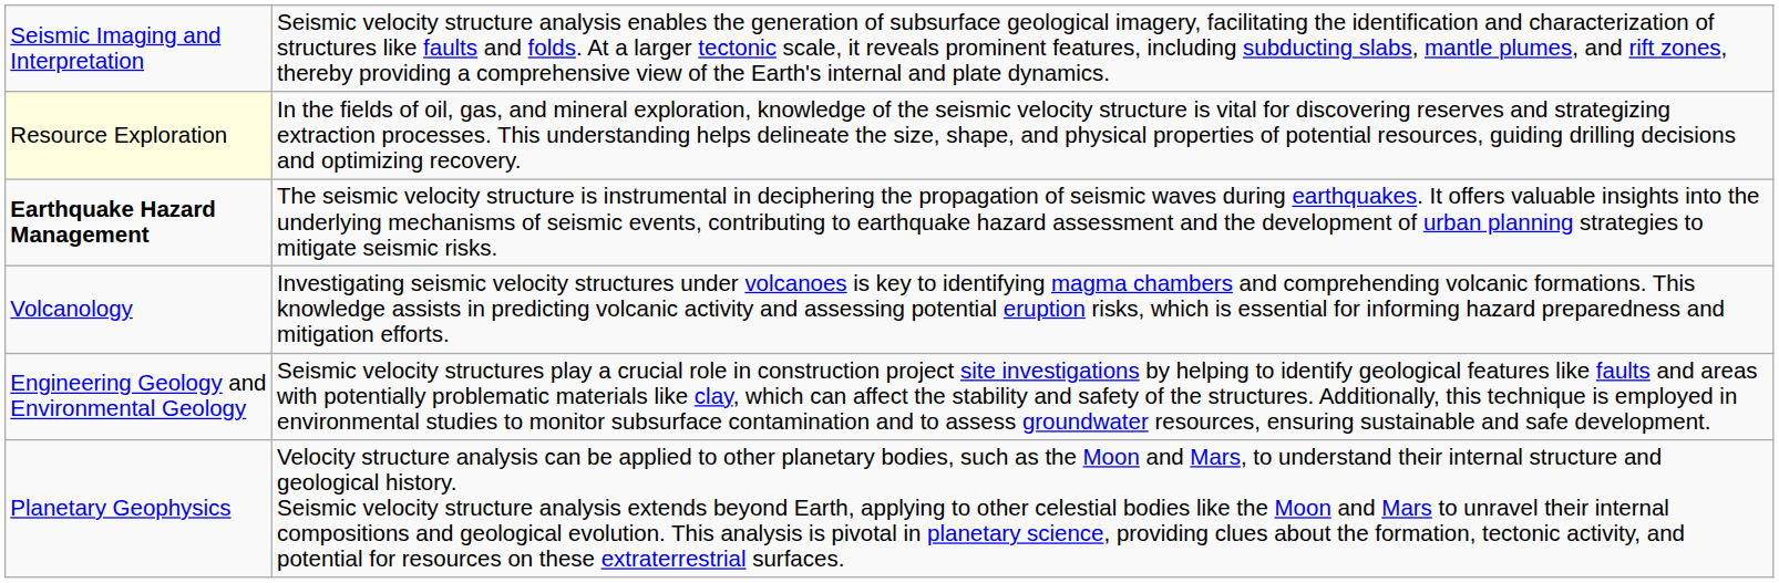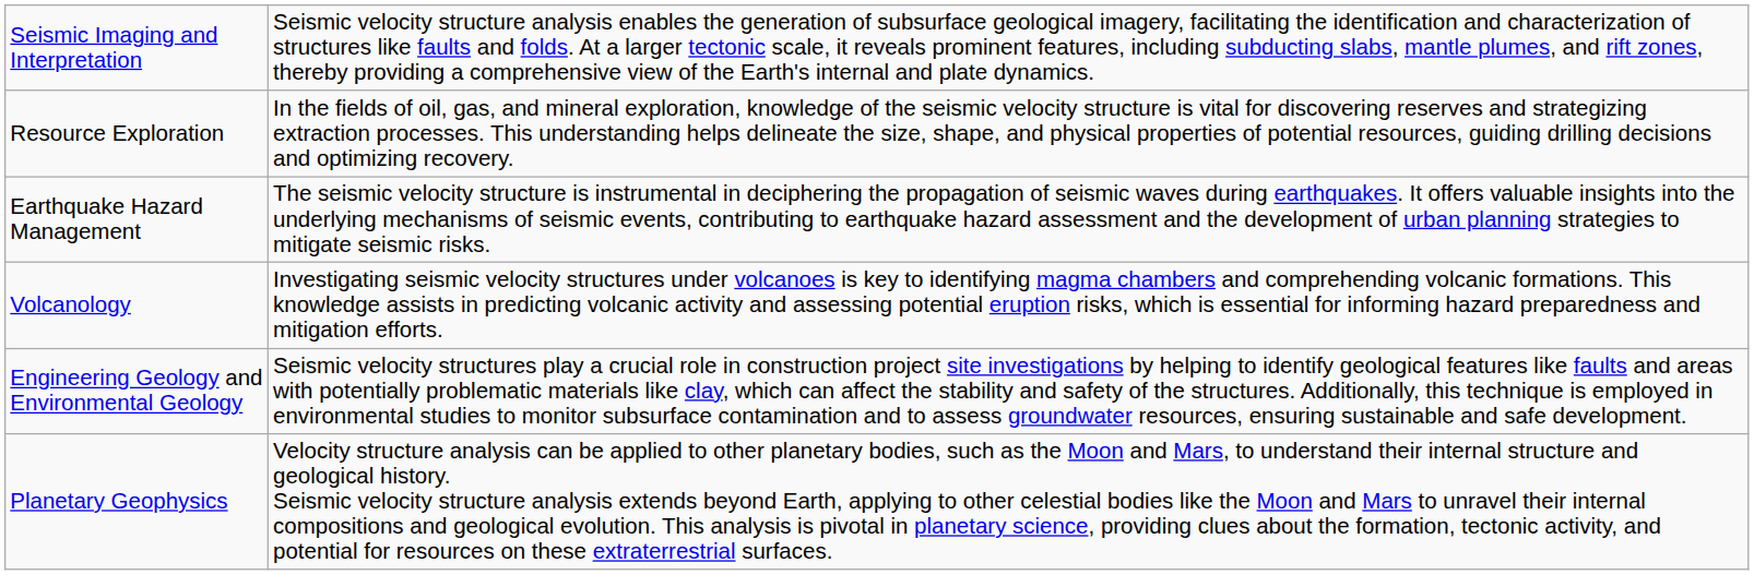 <table class="wikitable">
 <tr>
 <td><a href='#'>Seismic Imaging and Interpretation</a></td>
 <td>Seismic velocity structure analysis enables the generation of subsurface geological imagery, facilitating the identification and characterization of structures like <a href='#'>faults</a> and <a href='#'>folds</a>. At a larger <a href='#'>tectonic</a> scale, it reveals prominent features, including <a href='#'>subducting slabs</a>, <a href='#'>mantle plumes</a>, and <a href='#'>rift zones</a>, thereby providing a comprehensive view of the Earth's internal and plate dynamics.</td>
 </tr>
 <tr>
-<td style="background: lightyellow;">Resource Exploration</td>
+<td>Resource Exploration</td>
 <td>In the fields of oil, gas, and mineral exploration, knowledge of the seismic velocity structure is vital for discovering reserves and strategizing extraction processes. This understanding helps delineate the size, shape, and physical properties of potential resources, guiding drilling decisions and optimizing recovery.</td>
 </tr>
 <tr>
-<td><strong>Earthquake Hazard Management</strong></td>
+<td>Earthquake Hazard Management</td>
 <td>The seismic velocity structure is instrumental in deciphering the propagation of seismic waves during <a href='#'>earthquakes</a>. It offers valuable insights into the underlying mechanisms of seismic events, contributing to earthquake hazard assessment and the development of <a href='#'>urban planning</a> strategies to mitigate seismic risks.</td>
 </tr>
 <tr>
 <td><a href='#'>Volcanology</a></td>
 <td>Investigating seismic velocity structures under <a href='#'>volcanoes</a> is key to identifying <a href='#'>magma chambers</a> and comprehending volcanic formations. This knowledge assists in predicting volcanic activity and assessing potential <a href='#'>eruption</a> risks, which is essential for informing hazard preparedness and mitigation efforts.</td>
 </tr>
 <tr>
 <td><a href='#'>Engineering Geology</a> and <a href='#'>Environmental Geology</a></td>
 <td>Seismic velocity structures play a crucial role in construction project <a href='#'>site investigations</a> by helping to identify geological features like <a href='#'>faults</a> and areas with potentially problematic materials like <a href='#'>clay</a>, which can affect the stability and safety of the structures. Additionally, this technique is employed in environmental studies to monitor subsurface contamination and to assess <a href='#'>groundwater</a> resources, ensuring sustainable and safe development.</td>
 </tr>
 <tr>
 <td><a href='#'>Planetary Geophysics</a></td>
 <td>Velocity structure analysis can be applied to other planetary bodies, such as the <a href='#'>Moon</a> and <a href='#'>Mars</a>, to understand their internal structure and geological history.<br>Seismic velocity structure analysis extends beyond Earth, applying to other celestial bodies like the <a href='#'>Moon</a> and <a href='#'>Mars</a> to unravel their internal compositions and geological evolution. This analysis is pivotal in <a href='#'>planetary science</a>, providing clues about the formation, tectonic activity, and potential for resources on these <a href='#'>extraterrestrial</a> surfaces.</td>
 </tr>
 </table>
